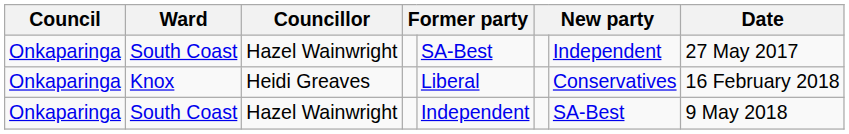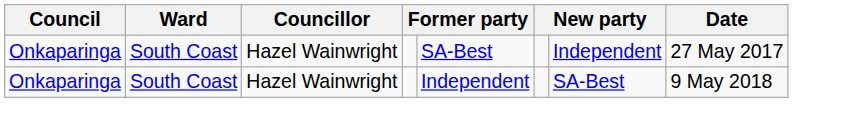 <table class="wikitable sortable">
 <tr>
 <th>Council</th>
 <th>Ward</th>
 <th>Councillor</th>
 <th colspan="2">Former party</th>
 <th colspan="2">New party</th>
 <th>Date</th>
 </tr>
 <tr>
 <td><a href='#'>Onkaparinga</a></td>
 <td><a href='#'>South Coast</a></td>
 <td>Hazel Wainwright</td>
 <td> </td>
 <td><a href='#'>SA-Best</a></td>
 <td> </td>
 <td><a href='#'>Independent</a></td>
 <td>27 May 2017</td>
 </tr>
 <tr>
 <td><a href='#'>Onkaparinga</a></td>
-<td><a href='#'>Knox</a></td>
-<td>Heidi Greaves</td>
-<td> </td>
-<td><a href='#'>Liberal</a></td>
-<td> </td>
-<td><a href='#'>Conservatives</a></td>
-<td>16 February 2018</td>
-</tr>
-<tr>
-<td><a href='#'>Onkaparinga</a></td>
 <td><a href='#'>South Coast</a></td>
 <td>Hazel Wainwright</td>
 <td> </td>
 <td><a href='#'>Independent</a></td>
 <td> </td>
 <td><a href='#'>SA-Best</a></td>
 <td>9 May 2018</td>
 </tr>
 </table>
